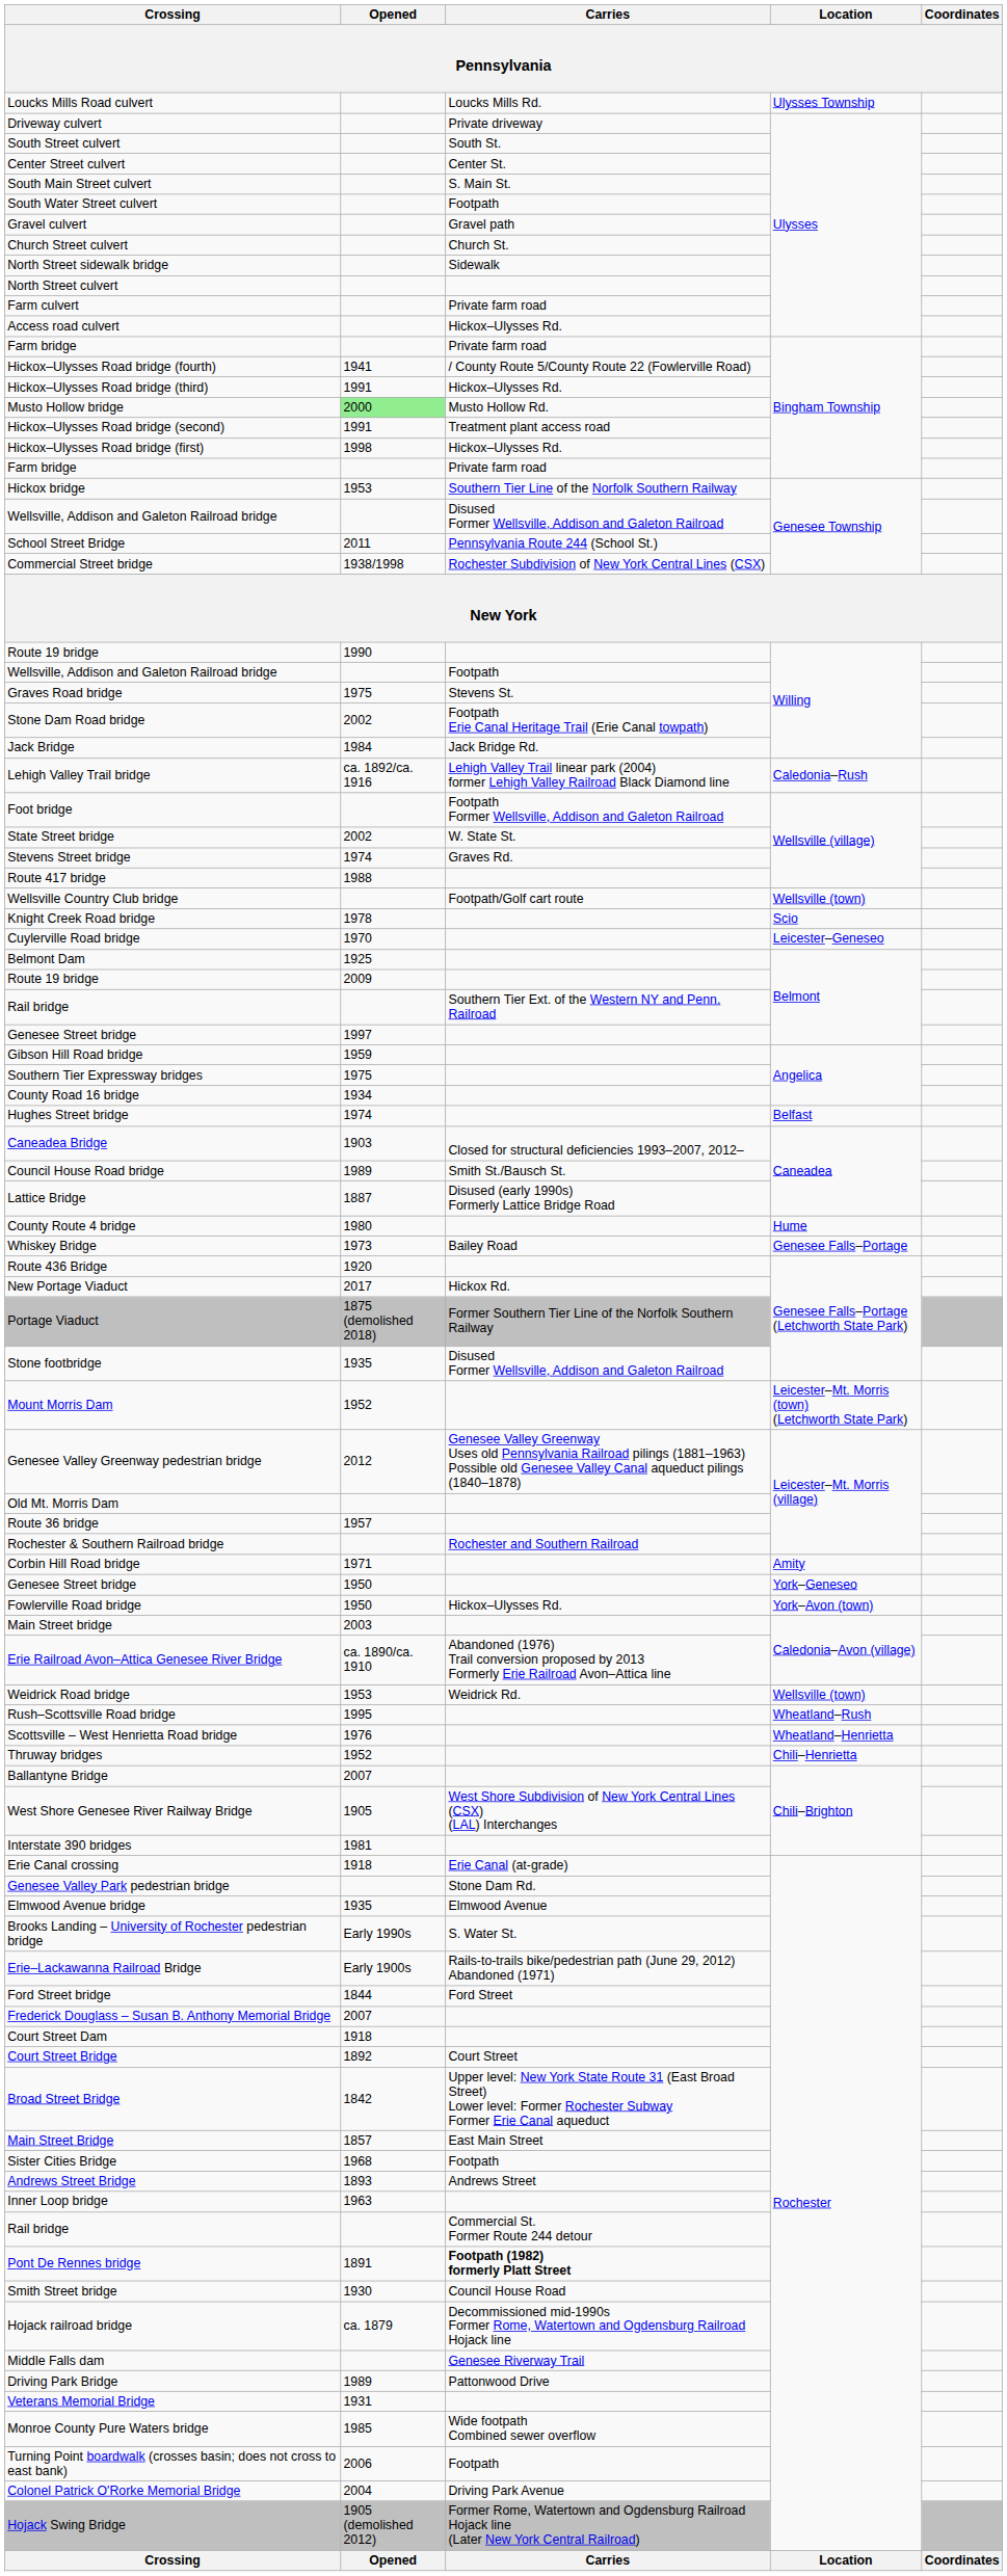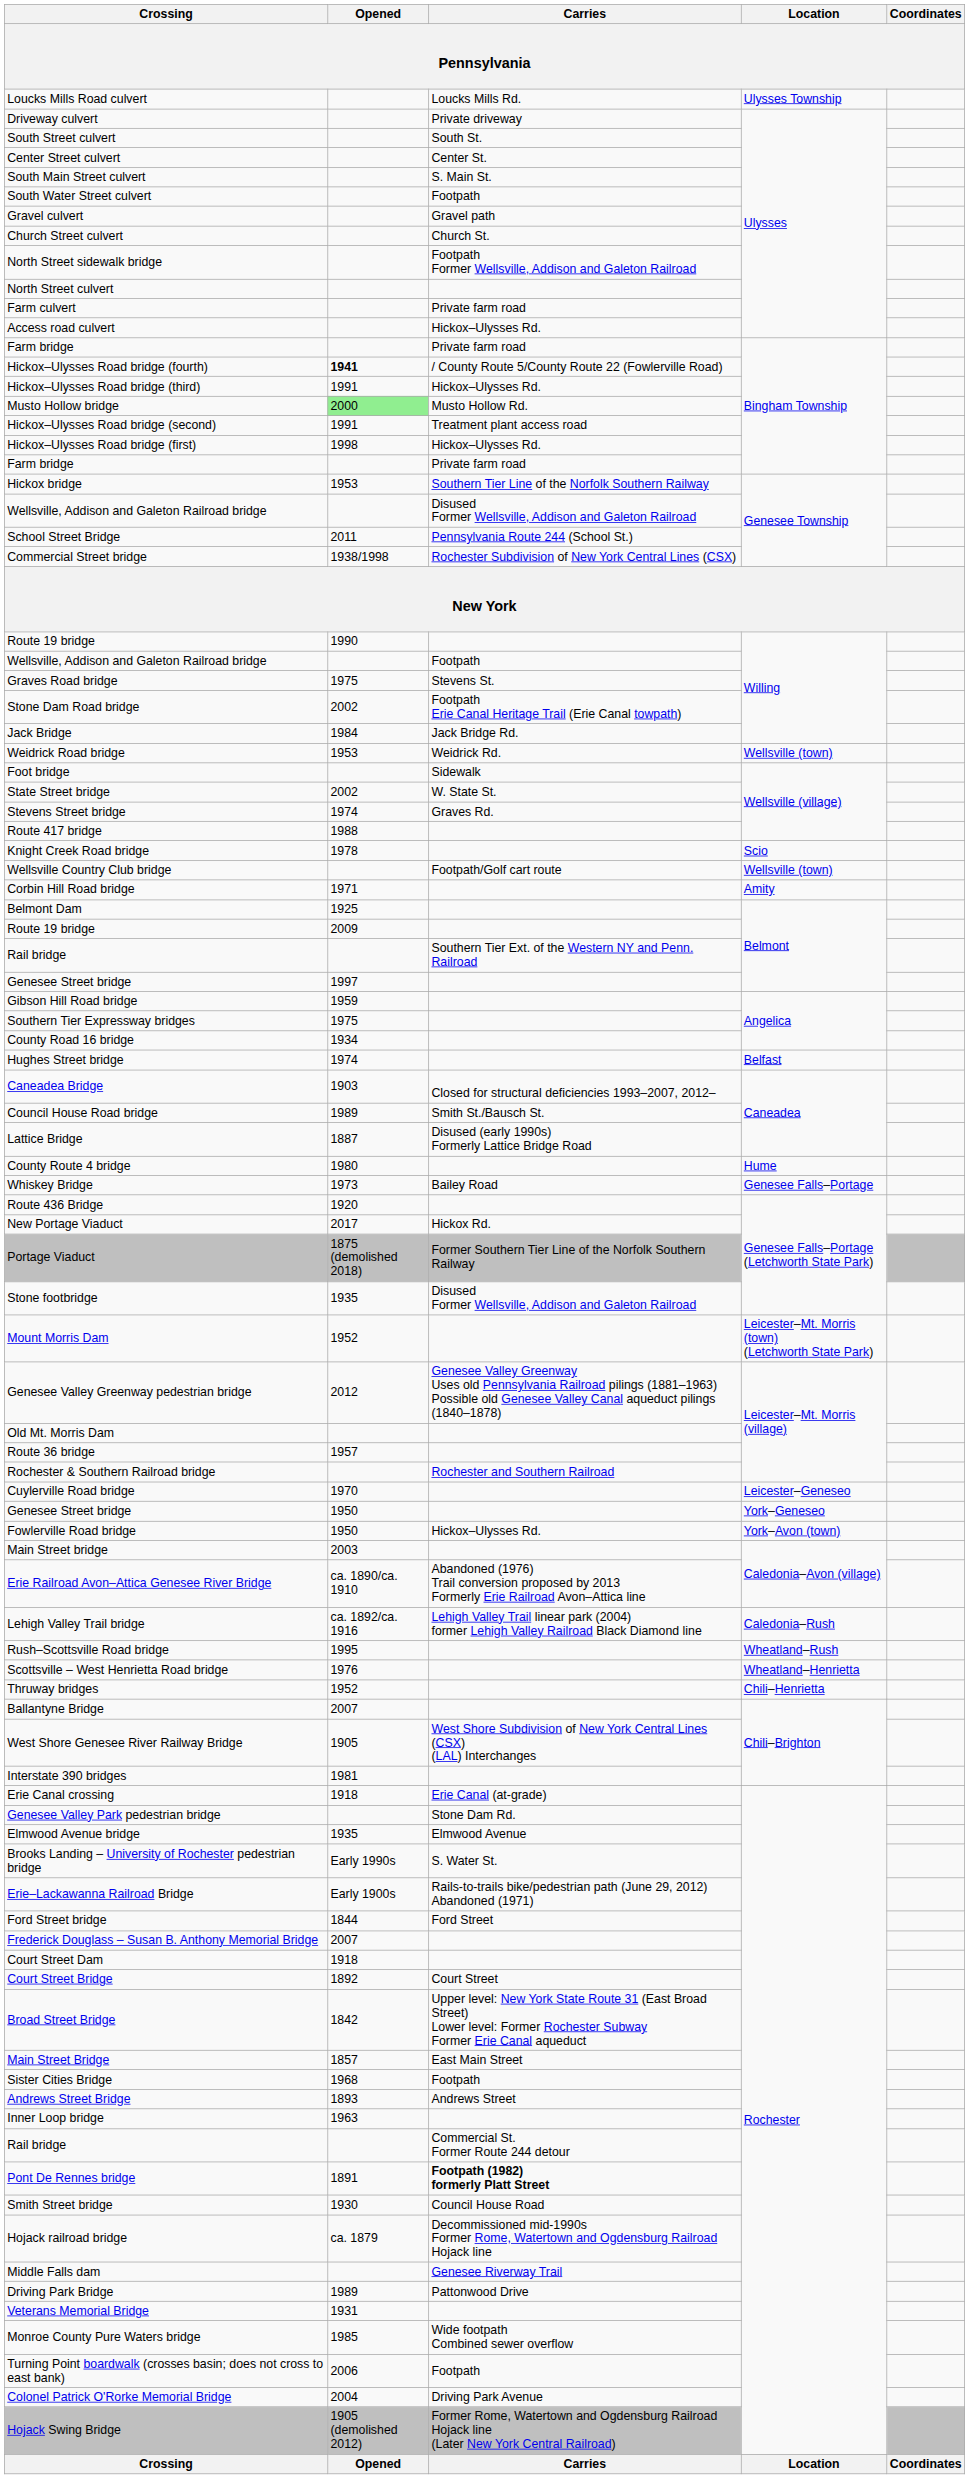 <table class=wikitable>
 <tr>
 <th>Crossing</th>
 <th>Opened</th>
 <th>Carries</th>
 <th>Location</th>
 <th>Coordinates</th>
 </tr>
 <tr>
 <th colspan=5><br><h3>Pennsylvania</h3></th>
 </tr>
 <tr>
 <td>Loucks Mills Road culvert</td>
 <td></td>
 <td>Loucks Mills Rd.</td>
 <td><a href='#'>Ulysses Township</a></td>
 <td></td>
 </tr>
 <tr>
 <td>Driveway culvert</td>
 <td></td>
 <td>Private driveway</td>
 <td rowspan="11"><a href='#'>Ulysses</a></td>
 <td></td>
 </tr>
 <tr>
 <td>South Street culvert</td>
 <td></td>
 <td>South St.</td>
 <td></td>
 </tr>
 <tr>
 <td>Center Street culvert</td>
 <td></td>
 <td>Center St.</td>
 <td></td>
 </tr>
 <tr>
 <td>South Main Street culvert</td>
 <td></td>
 <td>S. Main St.</td>
 <td></td>
 </tr>
 <tr>
 <td>South Water Street culvert</td>
 <td></td>
 <td>Footpath</td>
 <td></td>
 </tr>
 <tr>
 <td>Gravel culvert</td>
 <td></td>
 <td>Gravel path</td>
 <td></td>
 </tr>
 <tr>
 <td>Church Street culvert</td>
 <td></td>
 <td>Church St.</td>
 <td></td>
 </tr>
 <tr>
 <td>North Street sidewalk bridge</td>
 <td></td>
-<td>Sidewalk</td>
+<td>Footpath<br>Former <a href='#'>Wellsville, Addison and Galeton Railroad</a></td>
 <td></td>
 </tr>
 <tr>
 <td>North Street culvert</td>
 <td></td>
 <td></td>
 <td></td>
 </tr>
 <tr>
 <td>Farm culvert</td>
 <td></td>
 <td>Private farm road</td>
 <td></td>
 </tr>
 <tr>
 <td>Access road culvert</td>
 <td></td>
 <td>Hickox–Ulysses Rd.</td>
 <td></td>
 </tr>
 <tr>
 <td>Farm bridge</td>
 <td></td>
 <td>Private farm road</td>
 <td rowspan="7"><a href='#'>Bingham Township</a></td>
 <td></td>
 </tr>
 <tr>
 <td>Hickox–Ulysses Road bridge (fourth)</td>
-<td>1941</td>
+<td><strong>1941</strong></td>
 <td>/ County Route 5/County Route 22 (Fowlerville Road)</td>
 <td></td>
 </tr>
 <tr>
 <td>Hickox–Ulysses Road bridge (third)</td>
 <td>1991</td>
 <td>Hickox–Ulysses Rd.</td>
 <td></td>
 </tr>
 <tr>
 <td>Musto Hollow bridge</td>
 <td style="background: lightgreen;">2000</td>
 <td>Musto Hollow Rd.</td>
 <td></td>
 </tr>
 <tr>
 <td>Hickox–Ulysses Road bridge (second)</td>
 <td>1991</td>
 <td>Treatment plant access road</td>
 <td></td>
 </tr>
 <tr>
 <td>Hickox–Ulysses Road bridge (first)</td>
 <td>1998</td>
 <td>Hickox–Ulysses Rd.</td>
 <td></td>
 </tr>
 <tr>
 <td>Farm bridge</td>
 <td></td>
 <td>Private farm road</td>
 <td></td>
 </tr>
 <tr>
 <td>Hickox bridge</td>
 <td>1953</td>
 <td><a href='#'>Southern Tier Line</a> of the <a href='#'>Norfolk Southern Railway</a></td>
 <td rowspan="4"><a href='#'>Genesee Township</a></td>
 <td></td>
 </tr>
 <tr>
 <td>Wellsville, Addison and Galeton Railroad bridge</td>
 <td></td>
 <td>Disused<br>Former <a href='#'>Wellsville, Addison and Galeton Railroad</a></td>
 <td></td>
 </tr>
 <tr>
 <td>School Street Bridge</td>
 <td>2011</td>
 <td> <a href='#'>Pennsylvania Route 244</a> (School St.)</td>
 <td></td>
 </tr>
 <tr>
 <td>Commercial Street bridge</td>
 <td>1938/1998</td>
 <td><a href='#'>Rochester Subdivision</a> of <a href='#'>New York Central Lines</a> (<a href='#'>CSX</a>)</td>
 <td></td>
 </tr>
 <tr>
 <th colspan=5><br><h3>New York</h3></th>
 </tr>
 <tr>
 <td>Route 19 bridge</td>
 <td>1990</td>
 <td></td>
 <td rowspan="5"><a href='#'>Willing</a></td>
 <td></td>
 </tr>
 <tr>
 <td>Wellsville, Addison and Galeton Railroad bridge</td>
 <td></td>
 <td>Footpath</td>
 <td></td>
 </tr>
 <tr>
 <td>Graves Road bridge</td>
 <td>1975</td>
 <td>Stevens St.</td>
 <td></td>
 </tr>
 <tr>
 <td>Stone Dam Road bridge</td>
 <td>2002</td>
 <td>Footpath<br><a href='#'>Erie Canal Heritage Trail</a> (Erie Canal <a href='#'>towpath</a>)</td>
 <td></td>
 </tr>
 <tr>
 <td>Jack Bridge</td>
 <td>1984</td>
 <td>Jack Bridge Rd.</td>
 <td></td>
 </tr>
 <tr>
-<td>Lehigh Valley Trail bridge</td>
-<td>ca. 1892/ca. 1916</td>
-<td><a href='#'>Lehigh Valley Trail</a> linear park (2004)<br>former <a href='#'>Lehigh Valley Railroad</a> Black Diamond line</td>
-<td><a href='#'>Caledonia</a>–<a href='#'>Rush</a></td>
+<td>Weidrick Road bridge</td>
+<td>1953</td>
+<td>Weidrick Rd.</td>
+<td><a href='#'>Wellsville (town)</a></td>
 <td></td>
 </tr>
 <tr>
 <td>Foot bridge</td>
 <td></td>
-<td>Footpath<br>Former <a href='#'>Wellsville, Addison and Galeton Railroad</a></td>
+<td>Sidewalk</td>
 <td rowspan=4><a href='#'>Wellsville (village)</a></td>
 <td></td>
 </tr>
 <tr>
 <td>State Street bridge</td>
 <td>2002</td>
 <td>W. State St.</td>
 <td></td>
 </tr>
 <tr>
 <td>Stevens Street bridge</td>
 <td>1974</td>
 <td>Graves Rd.</td>
 <td></td>
 </tr>
 <tr>
 <td>Route 417 bridge</td>
 <td>1988</td>
 <td></td>
 <td></td>
 </tr>
 <tr>
+<td>Knight Creek Road bridge</td>
+<td>1978</td>
+<td></td>
+<td><a href='#'>Scio</a></td>
+<td></td>
+</tr>
+<tr>
 <td>Wellsville Country Club bridge</td>
 <td></td>
 <td>Footpath/Golf cart route</td>
 <td><a href='#'>Wellsville (town)</a></td>
 <td></td>
 </tr>
 <tr>
-<td>Knight Creek Road bridge</td>
-<td>1978</td>
+<td>Corbin Hill Road bridge</td>
+<td>1971</td>
 <td></td>
-<td><a href='#'>Scio</a></td>
-<td></td>
-</tr>
-<tr>
-<td>Cuylerville Road bridge</td>
-<td>1970</td>
-<td></td>
-<td><a href='#'>Leicester</a>–<a href='#'>Geneseo</a></td>
+<td><a href='#'>Amity</a></td>
 <td></td>
 </tr>
 <tr>
 <td>Belmont Dam</td>
 <td>1925</td>
 <td></td>
 <td rowspan="4"><a href='#'>Belmont</a></td>
 <td></td>
 </tr>
 <tr>
 <td>Route 19 bridge</td>
 <td>2009</td>
 <td></td>
 <td></td>
 </tr>
 <tr>
 <td>Rail bridge</td>
 <td></td>
 <td>Southern Tier Ext. of the <a href='#'>Western NY and Penn. Railroad</a></td>
 <td></td>
 </tr>
 <tr>
 <td>Genesee Street bridge</td>
 <td>1997</td>
 <td></td>
 <td></td>
 </tr>
 <tr>
 <td>Gibson Hill Road bridge</td>
 <td>1959</td>
 <td></td>
 <td rowspan="3"><a href='#'>Angelica</a></td>
 <td></td>
 </tr>
 <tr>
 <td>Southern Tier Expressway bridges</td>
 <td>1975</td>
 <td></td>
 <td></td>
 </tr>
 <tr>
 <td>County Road 16 bridge</td>
 <td>1934</td>
 <td></td>
 <td></td>
 </tr>
 <tr>
 <td>Hughes Street bridge</td>
 <td>1974</td>
 <td></td>
 <td><a href='#'>Belfast</a></td>
 <td></td>
 </tr>
 <tr>
 <td><a href='#'>Caneadea Bridge</a></td>
 <td>1903</td>
 <td><br>Closed for structural deficiencies 1993–2007, 2012–</td>
 <td rowspan="3"><a href='#'>Caneadea</a></td>
 <td></td>
 </tr>
 <tr>
 <td>Council House Road bridge</td>
 <td>1989</td>
 <td>Smith St./Bausch St.</td>
 <td></td>
 </tr>
 <tr>
 <td>Lattice Bridge</td>
 <td>1887</td>
 <td>Disused (early 1990s)<br>Formerly Lattice Bridge Road</td>
 <td></td>
 </tr>
 <tr>
 <td>County Route 4 bridge</td>
 <td>1980</td>
 <td></td>
 <td><a href='#'>Hume</a></td>
 <td></td>
 </tr>
 <tr>
 <td>Whiskey Bridge</td>
 <td>1973</td>
 <td>Bailey Road</td>
 <td><a href='#'>Genesee Falls</a>–<a href='#'>Portage</a></td>
 <td></td>
 </tr>
 <tr>
 <td>Route 436 Bridge</td>
 <td>1920</td>
 <td></td>
 <td rowspan="4"><a href='#'>Genesee Falls</a>–<a href='#'>Portage</a><br>(<a href='#'>Letchworth State Park</a>)</td>
 <td></td>
 </tr>
 <tr>
 <td>New Portage Viaduct</td>
 <td>2017</td>
 <td>Hickox Rd.</td>
 <td></td>
 </tr>
 <tr style="background: #BFBFBF;">
 <td>Portage Viaduct</td>
 <td>1875<br>(demolished 2018)</td>
 <td>Former Southern Tier Line of the Norfolk Southern Railway</td>
 <td></td>
 </tr>
 <tr>
 <td>Stone footbridge</td>
 <td>1935</td>
 <td>Disused<br>Former <a href='#'>Wellsville, Addison and Galeton Railroad</a></td>
 <td></td>
 </tr>
 <tr>
 <td><a href='#'>Mount Morris Dam</a></td>
 <td>1952</td>
 <td></td>
 <td><a href='#'>Leicester</a>–<a href='#'>Mt. Morris (town)</a><br>(<a href='#'>Letchworth State Park</a>)</td>
 <td></td>
 </tr>
 <tr>
 <td>Genesee Valley Greenway pedestrian bridge</td>
 <td>2012</td>
 <td><a href='#'>Genesee Valley Greenway</a><br>Uses old <a href='#'>Pennsylvania Railroad</a> pilings (1881–1963)<br>Possible old <a href='#'>Genesee Valley Canal</a> aqueduct pilings (1840–1878)</td>
 <td rowspan="4"><a href='#'>Leicester</a>–<a href='#'>Mt. Morris (village)</a></td>
 <td></td>
 </tr>
 <tr>
 <td>Old Mt. Morris Dam</td>
 <td></td>
 <td></td>
 <td></td>
 </tr>
 <tr>
 <td>Route 36 bridge</td>
 <td>1957</td>
 <td></td>
 <td></td>
 </tr>
 <tr>
 <td>Rochester & Southern Railroad bridge</td>
 <td></td>
 <td><a href='#'>Rochester and Southern Railroad</a></td>
 <td></td>
 </tr>
 <tr>
-<td>Corbin Hill Road bridge</td>
-<td>1971</td>
+<td>Cuylerville Road bridge</td>
+<td>1970</td>
 <td></td>
-<td><a href='#'>Amity</a></td>
+<td><a href='#'>Leicester</a>–<a href='#'>Geneseo</a></td>
 <td></td>
 </tr>
 <tr>
 <td>Genesee Street bridge</td>
 <td>1950</td>
 <td></td>
 <td><a href='#'>York</a>–<a href='#'>Geneseo</a></td>
 <td></td>
 </tr>
 <tr>
 <td>Fowlerville Road bridge</td>
 <td>1950</td>
 <td>Hickox–Ulysses Rd.</td>
 <td><a href='#'>York</a>–<a href='#'>Avon (town)</a></td>
 <td></td>
 </tr>
 <tr>
 <td>Main Street bridge</td>
 <td>2003</td>
 <td></td>
 <td rowspan=2><a href='#'>Caledonia</a>–<a href='#'>Avon (village)</a></td>
 <td></td>
 </tr>
 <tr>
 <td><a href='#'>Erie Railroad Avon–Attica Genesee River Bridge</a></td>
 <td>ca. 1890/ca. 1910</td>
 <td>Abandoned (1976)<br>Trail conversion proposed by 2013<br>Formerly <a href='#'>Erie Railroad</a> Avon–Attica line</td>
 <td></td>
 </tr>
 <tr>
-<td>Weidrick Road bridge</td>
-<td>1953</td>
-<td>Weidrick Rd.</td>
-<td><a href='#'>Wellsville (town)</a></td>
+<td>Lehigh Valley Trail bridge</td>
+<td>ca. 1892/ca. 1916</td>
+<td><a href='#'>Lehigh Valley Trail</a> linear park (2004)<br>former <a href='#'>Lehigh Valley Railroad</a> Black Diamond line</td>
+<td><a href='#'>Caledonia</a>–<a href='#'>Rush</a></td>
 <td></td>
 </tr>
 <tr>
 <td>Rush–Scottsville Road bridge</td>
 <td>1995</td>
 <td></td>
 <td><a href='#'>Wheatland</a>–<a href='#'>Rush</a></td>
 <td></td>
 </tr>
 <tr>
 <td>Scottsville – West Henrietta Road bridge</td>
 <td>1976</td>
 <td></td>
 <td><a href='#'>Wheatland</a>–<a href='#'>Henrietta</a></td>
 <td></td>
 </tr>
 <tr>
 <td>Thruway bridges</td>
 <td>1952</td>
 <td></td>
 <td rowspan=2><a href='#'>Chili</a>–<a href='#'>Henrietta</a></td>
 <td></td>
 </tr>
 <tr>
 <td rowspan=2>Ballantyne Bridge</td>
 <td rowspan=2>2007</td>
 <td rowspan=2></td>
 <td rowspan=2></td>
 </tr>
 <tr>
 <td rowspan=4><a href='#'>Chili</a>–<a href='#'>Brighton</a></td>
 </tr>
 <tr>
 <td>West Shore Genesee River Railway Bridge</td>
 <td>1905</td>
 <td><a href='#'>West Shore Subdivision</a> of <a href='#'>New York Central Lines</a> (<a href='#'>CSX</a>)<br>(<a href='#'>LAL</a>) Interchanges</td>
 <td></td>
 </tr>
 <tr>
 <td>Interstate 390 bridges</td>
 <td>1981</td>
 <td></td>
 <td></td>
 </tr>
 <tr>
 <td rowspan=2>Erie Canal crossing</td>
 <td rowspan=2>1918</td>
 <td rowspan=2><a href='#'>Erie Canal</a> (at-grade)</td>
 <td rowspan=2></td>
 </tr>
 <tr>
 <td rowspan=25><a href='#'>Rochester</a></td>
 </tr>
 <tr>
 <td><a href='#'>Genesee Valley Park</a> pedestrian bridge</td>
 <td></td>
 <td>Stone Dam Rd.</td>
 <td></td>
 </tr>
 <tr>
 <td>Elmwood Avenue bridge</td>
 <td>1935</td>
 <td>Elmwood Avenue</td>
 <td></td>
 </tr>
 <tr>
 <td>Brooks Landing – <a href='#'>University of Rochester</a> pedestrian bridge</td>
 <td>Early 1990s</td>
 <td>S. Water St.</td>
 <td></td>
 </tr>
 <tr>
 <td><a href='#'>Erie–Lackawanna Railroad</a> Bridge</td>
 <td>Early 1900s</td>
 <td>Rails-to-trails bike/pedestrian path (June 29, 2012)<br>Abandoned (1971)</td>
 <td></td>
 </tr>
 <tr>
 <td>Ford Street bridge</td>
 <td>1844</td>
 <td>Ford Street</td>
 <td></td>
 </tr>
 <tr>
 <td><a href='#'>Frederick Douglass – Susan B. Anthony Memorial Bridge</a></td>
 <td>2007</td>
 <td></td>
 <td></td>
 </tr>
 <tr>
 <td>Court Street Dam</td>
 <td>1918</td>
 <td></td>
 <td></td>
 </tr>
 <tr>
 <td><a href='#'>Court Street Bridge</a></td>
 <td>1892</td>
 <td>Court Street</td>
 <td></td>
 </tr>
 <tr>
 <td><a href='#'>Broad Street Bridge</a></td>
 <td>1842</td>
 <td>Upper level:  <a href='#'>New York State Route 31</a> (East Broad Street)<br>Lower level: Former <a href='#'>Rochester Subway</a><br>Former <a href='#'>Erie Canal</a> aqueduct</td>
 <td></td>
 </tr>
 <tr>
 <td><a href='#'>Main Street Bridge</a></td>
 <td>1857</td>
 <td>East Main Street</td>
 <td></td>
 </tr>
 <tr>
 <td>Sister Cities Bridge</td>
 <td>1968</td>
 <td>Footpath</td>
 <td></td>
 </tr>
 <tr>
 <td><a href='#'>Andrews Street Bridge</a></td>
 <td>1893</td>
 <td>Andrews Street</td>
 <td></td>
 </tr>
 <tr>
 <td>Inner Loop bridge</td>
 <td>1963</td>
 <td></td>
 <td></td>
 </tr>
 <tr>
 <td>Rail bridge</td>
 <td></td>
 <td>Commercial St.<br>Former Route 244 detour</td>
 <td></td>
 </tr>
 <tr>
 <td><a href='#'>Pont De Rennes bridge</a></td>
 <td>1891</td>
 <td><strong>Footpath (1982)<br>formerly Platt Street</strong></td>
 <td></td>
 </tr>
 <tr>
 <td>Smith Street bridge</td>
 <td>1930</td>
 <td>Council House Road</td>
 <td></td>
 </tr>
 <tr>
 <td>Hojack railroad bridge</td>
 <td>ca. 1879</td>
 <td>Decommissioned mid-1990s<br>Former <a href='#'>Rome, Watertown and Ogdensburg Railroad</a> Hojack line</td>
 <td></td>
 </tr>
 <tr>
 <td>Middle Falls dam</td>
 <td></td>
 <td><a href='#'>Genesee Riverway Trail</a></td>
 <td></td>
 </tr>
 <tr>
 <td>Driving Park Bridge</td>
 <td>1989</td>
 <td>Pattonwood Drive</td>
 <td></td>
 </tr>
 <tr>
 <td><a href='#'>Veterans Memorial Bridge</a></td>
 <td>1931</td>
 <td></td>
 <td></td>
 </tr>
 <tr>
 <td>Monroe County Pure Waters bridge</td>
 <td>1985</td>
 <td>Wide footpath<br>Combined sewer overflow</td>
 <td></td>
 </tr>
 <tr>
 <td>Turning Point <a href='#'>boardwalk</a> (crosses basin; does not cross to east bank)</td>
 <td>2006</td>
 <td>Footpath</td>
 <td></td>
 </tr>
 <tr>
 <td><a href='#'>Colonel Patrick O'Rorke Memorial Bridge</a></td>
 <td>2004</td>
 <td>Driving Park Avenue</td>
 <td></td>
 </tr>
 <tr style="background: #BFBFBF;">
 <td><a href='#'>Hojack</a> Swing Bridge</td>
 <td>1905<br>(demolished 2012)</td>
 <td>Former Rome, Watertown and Ogdensburg Railroad Hojack line<br>(Later <a href='#'>New York Central Railroad</a>)</td>
 <td></td>
 </tr>
 <tr>
 <th>Crossing</th>
 <th>Opened</th>
 <th>Carries</th>
 <th>Location</th>
 <th>Coordinates</th>
 </tr>
 </table>
